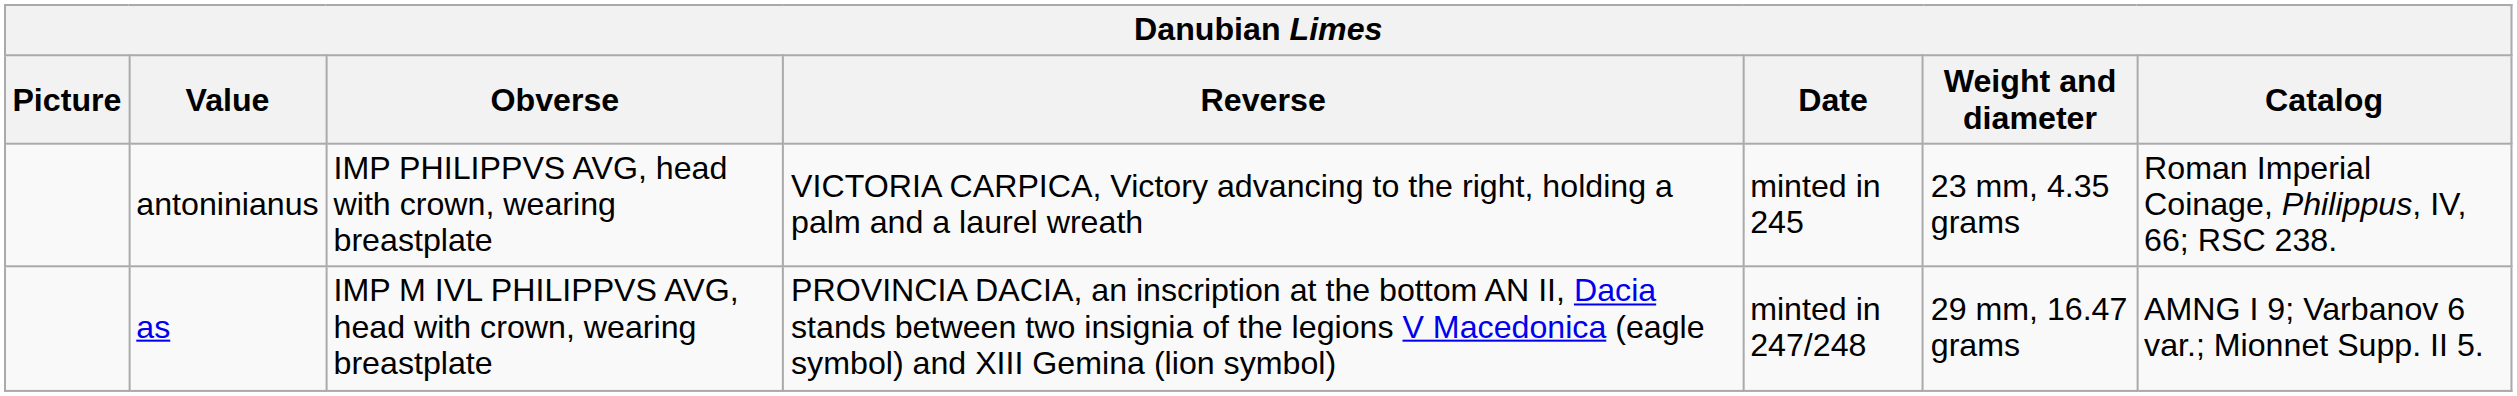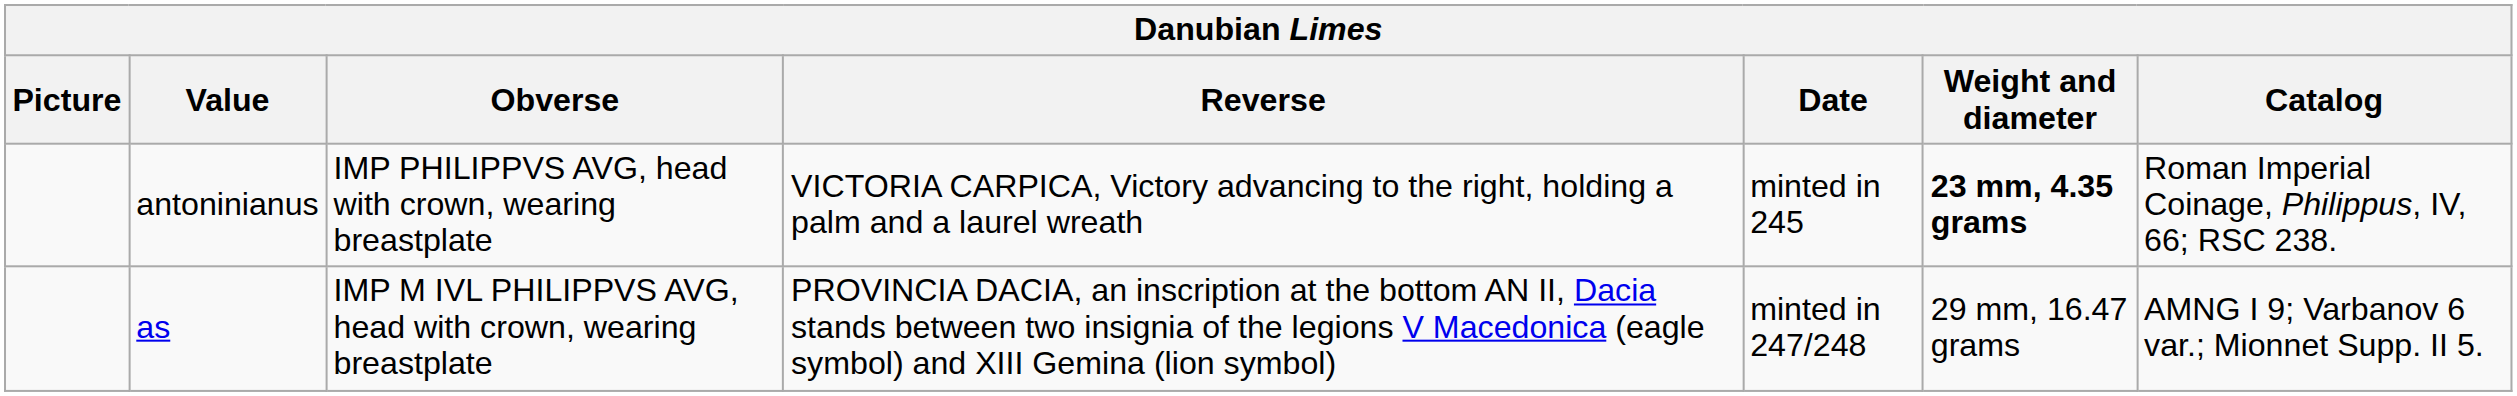 <table class="wikitable">
 <tr>
 <th colspan="7">Danubian <em>Limes</em></th>
 </tr>
 <tr>
 <th>Picture</th>
 <th>Value</th>
 <th>Obverse</th>
 <th>Reverse</th>
 <th>Date</th>
 <th>Weight and diameter</th>
 <th>Catalog</th>
 </tr>
 <tr>
 <td></td>
 <td>antoninianus</td>
 <td>IMP PHILIPPVS AVG, head with crown, wearing breastplate</td>
 <td>VICTORIA CARPICA, Victory advancing to the right, holding a palm and a laurel wreath</td>
 <td>minted in 245</td>
-<td>23 mm, 4.35 grams</td>
+<td><strong>23 mm, 4.35 grams</strong></td>
 <td>Roman Imperial Coinage, <em>Philippus</em>, IV, 66; RSC 238.</td>
 </tr>
 <tr>
 <td></td>
 <td><a href='#'>as</a></td>
 <td>IMP M IVL PHILIPPVS AVG, head with crown, wearing breastplate</td>
 <td>PROVINCIA DACIA, an inscription at the bottom AN II, <a href='#'>Dacia</a> stands between two insignia of the legions <a href='#'>V Macedonica</a> (eagle symbol) and XIII Gemina (lion symbol)</td>
 <td>minted in 247/248</td>
 <td>29 mm, 16.47 grams</td>
 <td>AMNG I 9; Varbanov 6 var.; Mionnet Supp. II 5.</td>
 </tr>
 </table>
